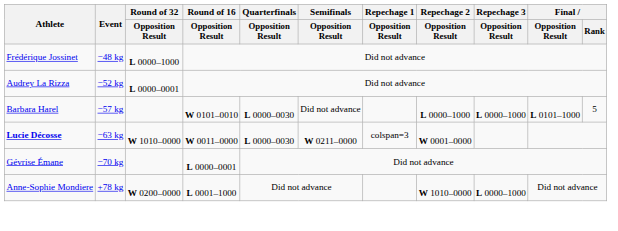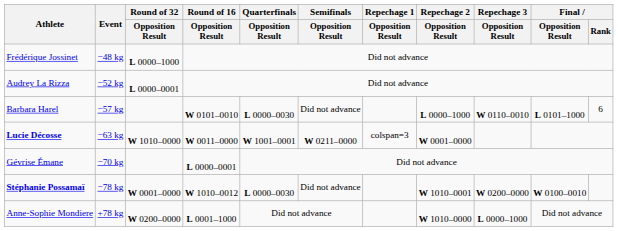 <table class="wikitable" style="font-size:90%">
 <tr>
 <th rowspan="2">Athlete</th>
 <th rowspan="2">Event</th>
 <th>Round of 32</th>
 <th>Round of 16</th>
 <th>Quarterfinals</th>
 <th>Semifinals</th>
 <th>Repechage 1</th>
 <th>Repechage 2</th>
 <th>Repechage 3</th>
 <th colspan=2>Final / </th>
 </tr>
 <tr style="font-size:95%">
 <th>Opposition<br>Result</th>
 <th>Opposition<br>Result</th>
 <th>Opposition<br>Result</th>
 <th>Opposition<br>Result</th>
 <th>Opposition<br>Result</th>
 <th>Opposition<br>Result</th>
 <th>Opposition<br>Result</th>
 <th>Opposition<br>Result</th>
 <th>Rank</th>
 </tr>
 <tr align=center>
 <td align=left><a href='#'>Frédérique Jossinet</a></td>
 <td align=left><a href='#'>−48 kg</a></td>
 <td><br><strong>L</strong> 0000–1000</td>
 <td colspan=8>Did not advance</td>
 </tr>
 <tr align=center>
 <td align=left><a href='#'>Audrey La Rizza</a></td>
 <td align=left><a href='#'>−52 kg</a></td>
 <td><br><strong>L</strong> 0000–0001</td>
 <td colspan=8>Did not advance</td>
 </tr>
 <tr align=center>
 <td align=left><a href='#'>Barbara Harel</a></td>
 <td align=left><a href='#'>−57 kg</a></td>
 <td></td>
 <td><br><strong>W</strong> 0101–0010</td>
 <td><br><strong>L</strong> 0000–0030</td>
 <td>Did not advance</td>
 <td></td>
 <td><br><strong>L</strong> 0000–1000</td>
-<td><br><strong>L</strong> 0000–1000</td>
+<td><br><strong>W</strong> 0110–0010</td>
 <td><br><strong>L</strong> 0101–1000</td>
-<td>5</td>
+<td>6</td>
 </tr>
 <tr align=center>
 <td align=left><strong><a href='#'>Lucie Décosse</a></strong></td>
 <td align=left><a href='#'>−63 kg</a></td>
 <td><br><strong>W</strong> 1010–0000</td>
 <td><br><strong>W</strong> 0011–0000</td>
-<td><br><strong>L</strong> 0000–0030</td>
+<td><br><strong>W</strong> 1001–0001</td>
 <td><br><strong>W</strong> 0211–0000</td>
 <td>colspan=3 </td>
 <td><br><strong>W</strong> 0001–0000</td>
 <td></td>
 </tr>
 <tr align=center>
 <td align=left><a href='#'>Gévrise Émane</a></td>
 <td align=left><a href='#'>−70 kg</a></td>
 <td></td>
 <td><br><strong>L</strong> 0000–0001</td>
 <td colspan=7>Did not advance</td>
 </tr>
 <tr align=center>
+<td align=left><strong><a href='#'>Stéphanie Possamaï</a></strong></td>
+<td align=left><a href='#'>−78 kg</a></td>
+<td><br><strong>W</strong> 0001–0000</td>
+<td><br><strong>W</strong> 1010–0012</td>
+<td><br><strong>L</strong> 0000–0030</td>
+<td>Did not advance</td>
+<td></td>
+<td><br><strong>W</strong> 1010–0001</td>
+<td><br><strong>W</strong> 0200–0000</td>
+<td><br><strong>W</strong> 0100–0010</td>
+<td></td>
+</tr>
+<tr align=center>
 <td align=left><a href='#'>Anne-Sophie Mondiere</a></td>
 <td align=left><a href='#'>+78 kg</a></td>
 <td><br><strong>W</strong> 0200–0000</td>
 <td><br><strong>L</strong> 0001–1000</td>
 <td colspan=2>Did not advance</td>
 <td></td>
 <td><br><strong>W</strong> 1010–0000</td>
 <td><br><strong>L</strong> 0000–1000</td>
 <td colspan=2>Did not advance</td>
 </tr>
 </table>
